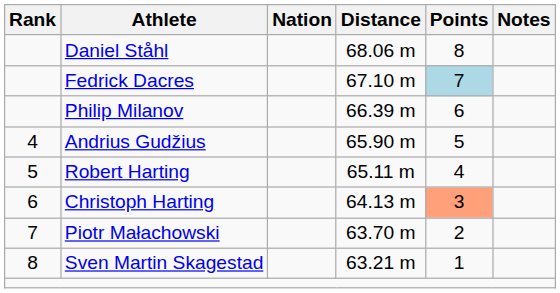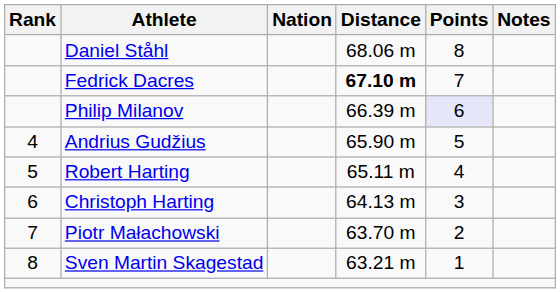 <table class="wikitable sortable" style="text-align:center;">
 <tr>
 <th scope="col" style="width: 10px;">Rank</th>
 <th scope="col">Athlete</th>
 <th scope="col">Nation</th>
 <th scope="col">Distance</th>
 <th scope="col">Points</th>
 <th scope="col">Notes</th>
 </tr>
 <tr>
 <td></td>
 <td align=left><a href='#'>Daniel Ståhl</a></td>
 <td align=left></td>
 <td>68.06 m</td>
 <td>8</td>
 <td></td>
 </tr>
 <tr>
 <td></td>
 <td align=left><a href='#'>Fedrick Dacres</a></td>
 <td align=left></td>
-<td>67.10 m</td>
-<td style="background: lightblue;">7</td>
+<td><strong>67.10 m</strong></td>
+<td>7</td>
 <td></td>
 </tr>
 <tr>
 <td></td>
 <td align=left><a href='#'>Philip Milanov</a></td>
 <td align=left></td>
 <td>66.39 m</td>
-<td>6</td>
+<td style="background: lavender;">6</td>
 <td></td>
 </tr>
 <tr>
 <td>4</td>
 <td align=left><a href='#'>Andrius Gudžius</a></td>
 <td align=left></td>
 <td>65.90 m</td>
 <td>5</td>
 <td></td>
 </tr>
 <tr>
 <td>5</td>
 <td align=left><a href='#'>Robert Harting</a></td>
 <td align=left></td>
 <td>65.11 m</td>
 <td>4</td>
 <td></td>
 </tr>
 <tr>
 <td>6</td>
 <td align=left><a href='#'>Christoph Harting</a></td>
 <td align=left></td>
 <td>64.13 m</td>
-<td style="background: lightsalmon;">3</td>
+<td>3</td>
 <td></td>
 </tr>
 <tr>
 <td>7</td>
 <td align=left><a href='#'>Piotr Małachowski</a></td>
 <td align=left></td>
 <td>63.70 m</td>
 <td>2</td>
 <td></td>
 </tr>
 <tr>
 <td>8</td>
 <td align=left><a href='#'>Sven Martin Skagestad</a></td>
 <td align=left></td>
 <td>63.21 m</td>
 <td>1</td>
 <td></td>
 </tr>
 <tr class="sortbottom">
 <td colspan="6"></td>
 </tr>
 </table>
